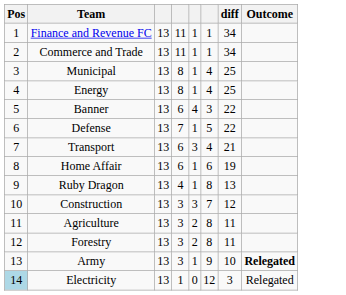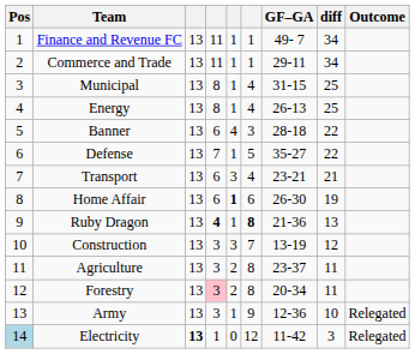 <table class="wikitable sortable" style="text-align: center;">
 <tr>
 <th align="center">Pos</th>
 <th align="center">Team</th>
 <th align="center"></th>
 <th align="center"></th>
 <th align="center"></th>
 <th align="center"></th>
+<th align="center">GF–GA</th>
 <th align="center">diff</th>
 <th align="center">Outcome</th>
 </tr>
 <tr>
 <td>1</td>
 <td><a href='#'>Finance and Revenue FC</a></td>
 <td>13</td>
 <td>11</td>
 <td>1</td>
 <td>1</td>
+<td>49- 7</td>
 <td>34</td>
 <td></td>
 </tr>
 <tr>
 <td>2</td>
 <td>Commerce and Trade</td>
 <td>13</td>
 <td>11</td>
 <td>1</td>
 <td>1</td>
+<td>29-11</td>
 <td>34</td>
 <td></td>
 </tr>
 <tr>
 <td>3</td>
 <td>Municipal</td>
 <td>13</td>
 <td>8</td>
 <td>1</td>
 <td>4</td>
+<td>31-15</td>
 <td>25</td>
 <td></td>
 </tr>
 <tr>
 <td>4</td>
 <td>Energy</td>
 <td>13</td>
 <td>8</td>
 <td>1</td>
 <td>4</td>
+<td>26-13</td>
 <td>25</td>
 <td></td>
 </tr>
 <tr>
 <td>5</td>
 <td>Banner</td>
 <td>13</td>
 <td>6</td>
 <td>4</td>
 <td>3</td>
+<td>28-18</td>
 <td>22</td>
 <td></td>
 </tr>
 <tr>
 <td>6</td>
 <td>Defense</td>
 <td>13</td>
 <td>7</td>
 <td>1</td>
 <td>5</td>
+<td>35-27</td>
 <td>22</td>
 <td></td>
 </tr>
 <tr>
 <td>7</td>
 <td>Transport</td>
 <td>13</td>
 <td>6</td>
 <td>3</td>
 <td>4</td>
+<td>23-21</td>
 <td>21</td>
 <td></td>
 </tr>
 <tr>
 <td>8</td>
 <td>Home Affair</td>
 <td>13</td>
 <td>6</td>
-<td>1</td>
+<td><strong>1</strong></td>
 <td>6</td>
+<td>26-30</td>
 <td>19</td>
 <td></td>
 </tr>
 <tr>
 <td>9</td>
 <td>Ruby Dragon</td>
 <td>13</td>
-<td>4</td>
+<td><strong>4</strong></td>
 <td>1</td>
-<td>8</td>
+<td><strong>8</strong></td>
+<td>21-36</td>
 <td>13</td>
 <td></td>
 </tr>
 <tr>
 <td>10</td>
 <td>Construction</td>
 <td>13</td>
 <td>3</td>
 <td>3</td>
 <td>7</td>
+<td>13-19</td>
 <td>12</td>
 <td></td>
 </tr>
 <tr>
 <td>11</td>
 <td>Agriculture</td>
 <td>13</td>
 <td>3</td>
 <td>2</td>
 <td>8</td>
+<td>23-37</td>
 <td>11</td>
 <td></td>
 </tr>
 <tr>
 <td>12</td>
 <td>Forestry</td>
 <td>13</td>
-<td>3</td>
+<td style="background: pink;">3</td>
 <td>2</td>
 <td>8</td>
+<td>20-34</td>
 <td>11</td>
 <td></td>
 </tr>
 <tr>
 <td>13</td>
 <td>Army</td>
 <td>13</td>
 <td>3</td>
 <td>1</td>
 <td>9</td>
+<td>12-36</td>
 <td>10</td>
-<td><strong>Relegated</strong></td>
+<td>Relegated</td>
 </tr>
 <tr>
 <td style="background: lightblue;">14</td>
 <td>Electricity</td>
-<td>13</td>
+<td><strong>13</strong></td>
 <td>1</td>
 <td>0</td>
 <td>12</td>
+<td>11-42</td>
 <td>3</td>
 <td>Relegated</td>
 </tr>
 </table>
